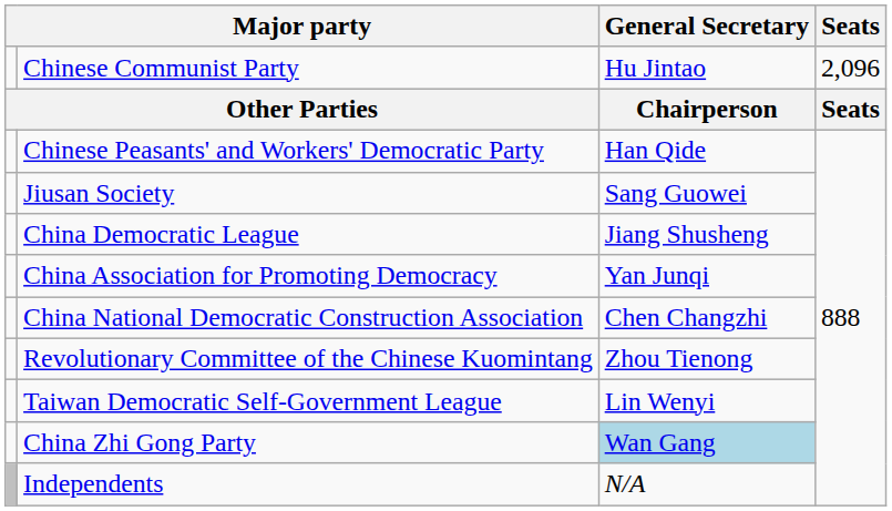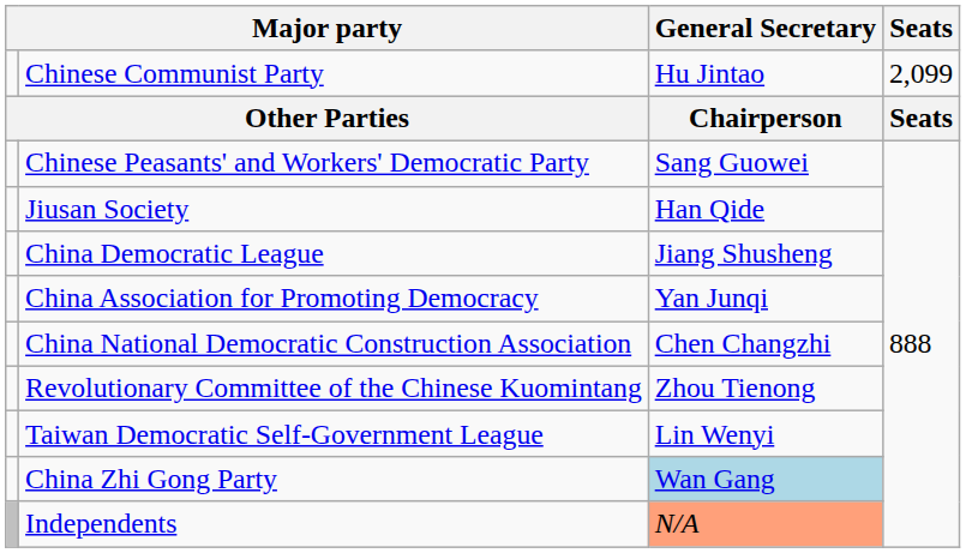 <table class="wikitable">
 <tr>
 <th colspan="2">Major party</th>
 <th>General Secretary</th>
 <th>Seats</th>
 </tr>
 <tr>
 <td style="background: "></td>
 <td><a href='#'>Chinese Communist Party</a></td>
 <td><a href='#'>Hu Jintao</a></td>
-<td>2,096</td>
+<td>2,099</td>
 </tr>
 <tr>
 <th colspan="2">Other Parties</th>
 <th>Chairperson</th>
 <th>Seats</th>
 </tr>
 <tr>
 <td style="background: "></td>
 <td><a href='#'>Chinese Peasants' and Workers' Democratic Party</a></td>
-<td><a href='#'>Han Qide</a></td>
+<td><a href='#'>Sang Guowei</a></td>
 <td rowspan="9">888</td>
 </tr>
 <tr>
 <td style="background: "></td>
 <td><a href='#'>Jiusan Society</a></td>
-<td><a href='#'>Sang Guowei</a></td>
+<td><a href='#'>Han Qide</a></td>
 </tr>
 <tr>
 <td style="background: "></td>
 <td><a href='#'>China Democratic League</a></td>
 <td><a href='#'>Jiang Shusheng</a></td>
 </tr>
 <tr>
 <td style="background: "></td>
 <td><a href='#'>China Association for Promoting Democracy</a></td>
 <td><a href='#'>Yan Junqi</a></td>
 </tr>
 <tr>
 <td style="background: "></td>
 <td><a href='#'>China National Democratic Construction Association</a></td>
 <td><a href='#'>Chen Changzhi</a></td>
 </tr>
 <tr>
 <td style="background: "></td>
 <td><a href='#'>Revolutionary Committee of the Chinese Kuomintang</a></td>
 <td><a href='#'>Zhou Tienong</a></td>
 </tr>
 <tr>
 <td style="background: "></td>
 <td><a href='#'>Taiwan Democratic Self-Government League</a></td>
 <td><a href='#'>Lin Wenyi</a></td>
 </tr>
 <tr>
 <td style="background: "></td>
 <td><a href='#'>China Zhi Gong Party</a></td>
 <td style="background: lightblue;"><a href='#'>Wan Gang</a></td>
 </tr>
 <tr>
 <td style="background: #C0C0C0"></td>
 <td><a href='#'>Independents</a></td>
-<td><em>N/A</em></td>
+<td style="background: lightsalmon;"><em>N/A</em></td>
 </tr>
 </table>
